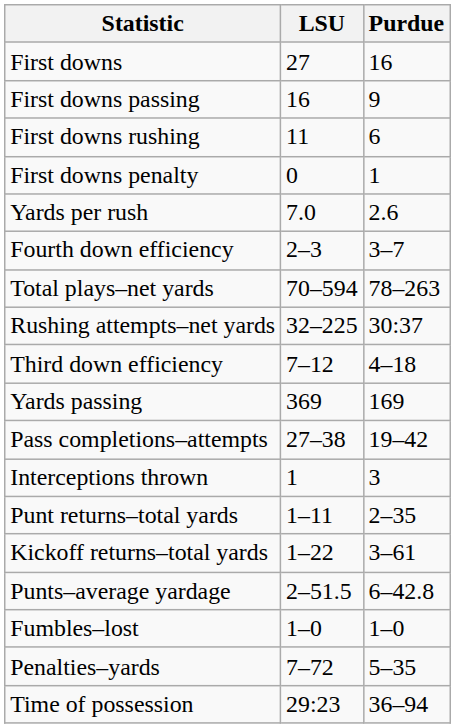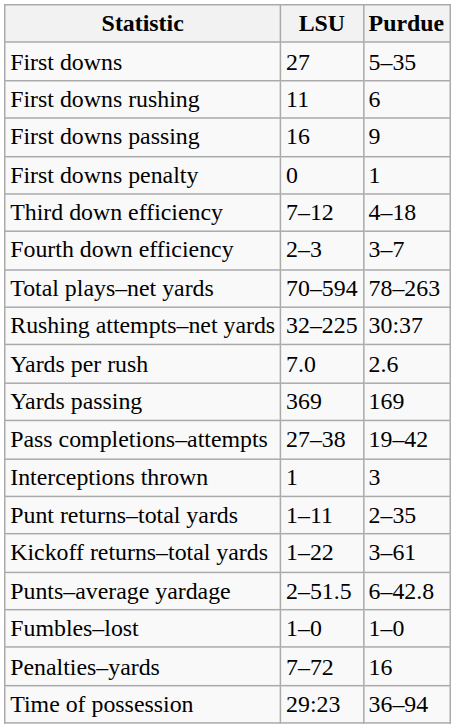 <table class="wikitable">
 <tr>
 <th>Statistic</th>
 <th><strong>LSU</strong></th>
 <th><strong>Purdue</strong></th>
 </tr>
 <tr>
 <td>First downs</td>
 <td>27</td>
-<td>16</td>
+<td>5–35</td>
+</tr>
+<tr>
+<td>First downs rushing</td>
+<td>11</td>
+<td>6</td>
 </tr>
 <tr>
 <td>First downs passing</td>
 <td>16</td>
 <td>9</td>
 </tr>
 <tr>
-<td>First downs rushing</td>
-<td>11</td>
-<td>6</td>
-</tr>
-<tr>
 <td>First downs penalty</td>
 <td>0</td>
 <td>1</td>
 </tr>
 <tr>
-<td>Yards per rush</td>
-<td>7.0</td>
-<td>2.6</td>
+<td>Third down efficiency</td>
+<td>7–12</td>
+<td>4–18</td>
 </tr>
 <tr>
 <td>Fourth down efficiency</td>
 <td>2–3</td>
 <td>3–7</td>
 </tr>
 <tr>
 <td>Total plays–net yards</td>
 <td>70–594</td>
 <td>78–263</td>
 </tr>
 <tr>
 <td>Rushing attempts–net yards</td>
 <td>32–225</td>
 <td>30:37</td>
 </tr>
 <tr>
-<td>Third down efficiency</td>
-<td>7–12</td>
-<td>4–18</td>
+<td>Yards per rush</td>
+<td>7.0</td>
+<td>2.6</td>
 </tr>
 <tr>
 <td>Yards passing</td>
 <td>369</td>
 <td>169</td>
 </tr>
 <tr>
 <td>Pass completions–attempts</td>
 <td>27–38</td>
 <td>19–42</td>
 </tr>
 <tr>
 <td>Interceptions thrown</td>
 <td>1</td>
 <td>3</td>
 </tr>
 <tr>
 <td>Punt returns–total yards</td>
 <td>1–11</td>
 <td>2–35</td>
 </tr>
 <tr>
 <td>Kickoff returns–total yards</td>
 <td>1–22</td>
 <td>3–61</td>
 </tr>
 <tr>
 <td>Punts–average yardage</td>
 <td>2–51.5</td>
 <td>6–42.8</td>
 </tr>
 <tr>
 <td>Fumbles–lost</td>
 <td>1–0</td>
 <td>1–0</td>
 </tr>
 <tr>
 <td>Penalties–yards</td>
 <td>7–72</td>
-<td>5–35</td>
+<td>16</td>
 </tr>
 <tr>
 <td>Time of possession</td>
 <td>29:23</td>
 <td>36–94</td>
 </tr>
 </table>
